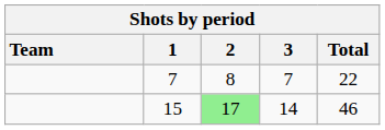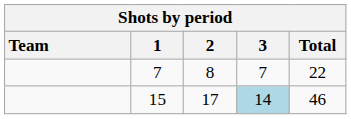 <table class="wikitable" style="width:20em; text-align:right;">
 <tr>
 <th colspan=6>Shots by period</th>
 </tr>
 <tr>
 <th style="width:8em; text-align:left;">Team</th>
 <th style="width:3em;">1</th>
 <th style="width:3em;">2</th>
 <th style="width:3em;">3</th>
 <th style="width:3em;">Total</th>
 </tr>
 <tr>
 <td style="text-align:left;"></td>
 <td align=center>7</td>
 <td align=center>8</td>
 <td align=center>7</td>
 <td align=center>22</td>
 </tr>
 <tr>
 <td style="text-align:left;"></td>
 <td align=center>15</td>
-<td align=center style="background: lightgreen;">17</td>
-<td align=center>14</td>
+<td align=center>17</td>
+<td align=center style="background: lightblue;">14</td>
 <td align=center>46</td>
 </tr>
 </table>
